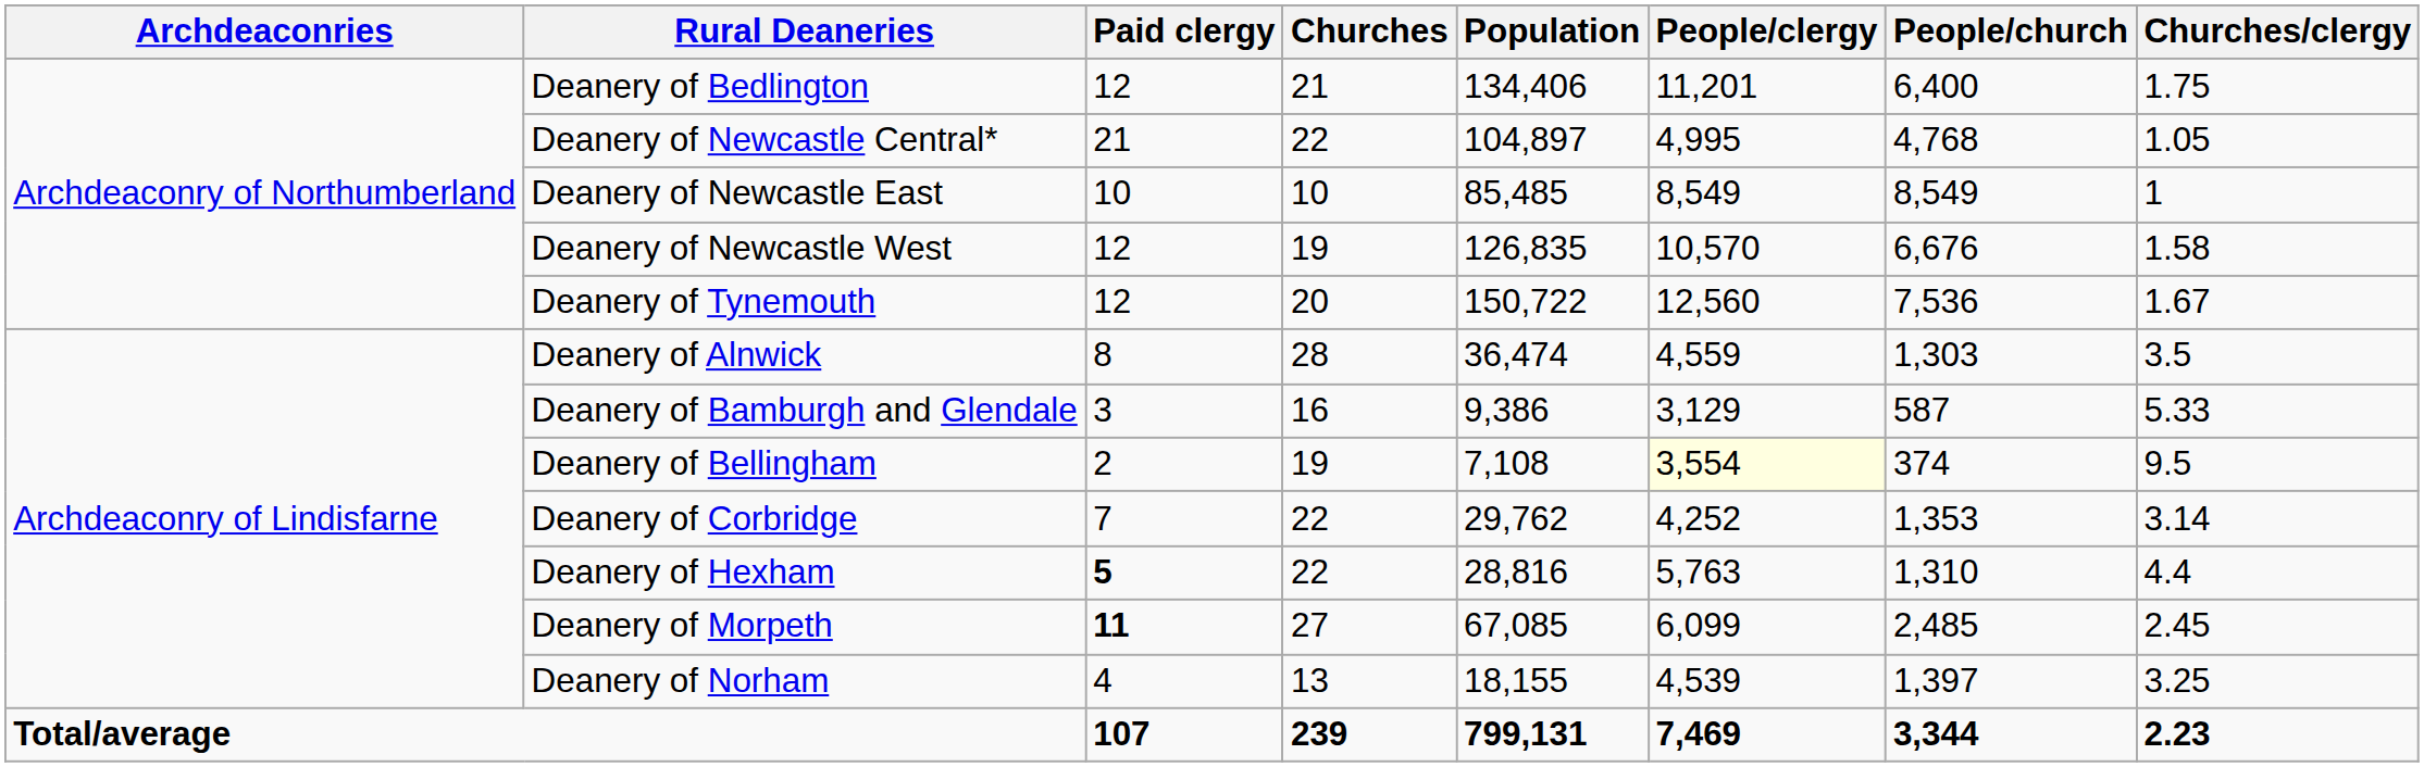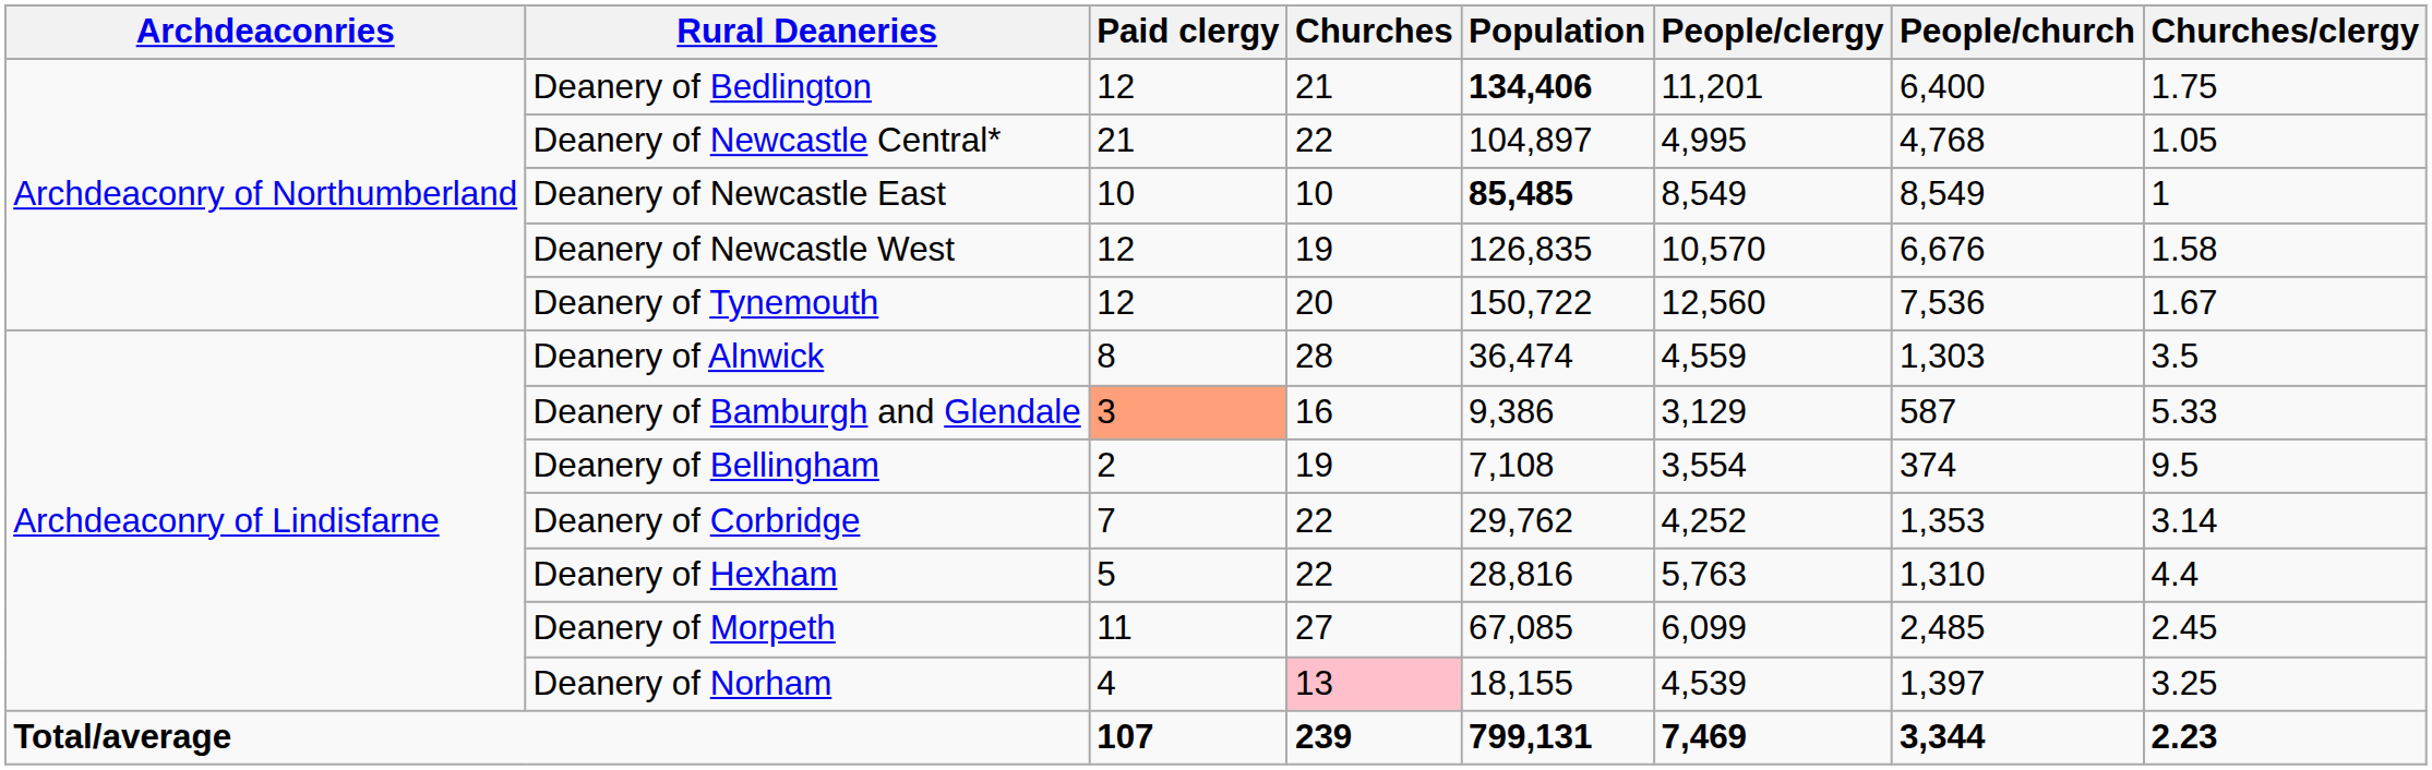 <table class="wikitable sortable">
 <tr>
 <th><a href='#'>Archdeaconries</a></th>
 <th><a href='#'>Rural Deaneries</a></th>
 <th>Paid clergy</th>
 <th>Churches</th>
 <th>Population</th>
 <th>People/clergy</th>
 <th>People/church</th>
 <th>Churches/clergy</th>
 </tr>
 <tr>
 <td rowspan="5"><a href='#'>Archdeaconry of Northumberland</a></td>
 <td>Deanery of <a href='#'>Bedlington</a></td>
 <td>12</td>
 <td>21</td>
-<td>134,406</td>
+<td><strong>134,406</strong></td>
 <td>11,201</td>
 <td>6,400</td>
 <td>1.75</td>
 </tr>
 <tr>
 <td>Deanery of <a href='#'>Newcastle</a> Central*</td>
 <td>21</td>
 <td>22</td>
 <td>104,897</td>
 <td>4,995</td>
 <td>4,768</td>
 <td>1.05</td>
 </tr>
 <tr>
 <td>Deanery of Newcastle East</td>
 <td>10</td>
 <td>10</td>
-<td>85,485</td>
+<td><strong>85,485</strong></td>
 <td>8,549</td>
 <td>8,549</td>
 <td>1</td>
 </tr>
 <tr>
 <td>Deanery of Newcastle West</td>
 <td>12</td>
 <td>19</td>
 <td>126,835</td>
 <td>10,570</td>
 <td>6,676</td>
 <td>1.58</td>
 </tr>
 <tr>
 <td>Deanery of <a href='#'>Tynemouth</a></td>
 <td>12</td>
 <td>20</td>
 <td>150,722</td>
 <td>12,560</td>
 <td>7,536</td>
 <td>1.67</td>
 </tr>
 <tr>
 <td rowspan="7"><a href='#'>Archdeaconry of Lindisfarne</a></td>
 <td>Deanery of <a href='#'>Alnwick</a></td>
 <td>8</td>
 <td>28</td>
 <td>36,474</td>
 <td>4,559</td>
 <td>1,303</td>
 <td>3.5</td>
 </tr>
 <tr>
 <td>Deanery of <a href='#'>Bamburgh</a> and <a href='#'>Glendale</a></td>
-<td>3</td>
+<td style="background: lightsalmon;">3</td>
 <td>16</td>
 <td>9,386</td>
 <td>3,129</td>
 <td>587</td>
 <td>5.33</td>
 </tr>
 <tr>
 <td>Deanery of <a href='#'>Bellingham</a></td>
 <td>2</td>
 <td>19</td>
 <td>7,108</td>
-<td style="background: lightyellow;">3,554</td>
+<td>3,554</td>
 <td>374</td>
 <td>9.5</td>
 </tr>
 <tr>
 <td>Deanery of <a href='#'>Corbridge</a></td>
 <td>7</td>
 <td>22</td>
 <td>29,762</td>
 <td>4,252</td>
 <td>1,353</td>
 <td>3.14</td>
 </tr>
 <tr>
 <td>Deanery of <a href='#'>Hexham</a></td>
-<td><strong>5</strong></td>
+<td>5</td>
 <td>22</td>
 <td>28,816</td>
 <td>5,763</td>
 <td>1,310</td>
 <td>4.4</td>
 </tr>
 <tr>
 <td>Deanery of <a href='#'>Morpeth</a></td>
-<td><strong>11</strong></td>
+<td>11</td>
 <td>27</td>
 <td>67,085</td>
 <td>6,099</td>
 <td>2,485</td>
 <td>2.45</td>
 </tr>
 <tr>
 <td>Deanery of <a href='#'>Norham</a></td>
 <td>4</td>
-<td>13</td>
+<td style="background: pink;">13</td>
 <td>18,155</td>
 <td>4,539</td>
 <td>1,397</td>
 <td>3.25</td>
 </tr>
 <tr>
 <td colspan="2"><strong>Total/average</strong></td>
 <td><strong>107</strong></td>
 <td><strong>239</strong></td>
 <td><strong>799,131</strong></td>
 <td><strong>7,469</strong></td>
 <td><strong>3,344</strong></td>
 <td><strong>2.23</strong></td>
 </tr>
 </table>
